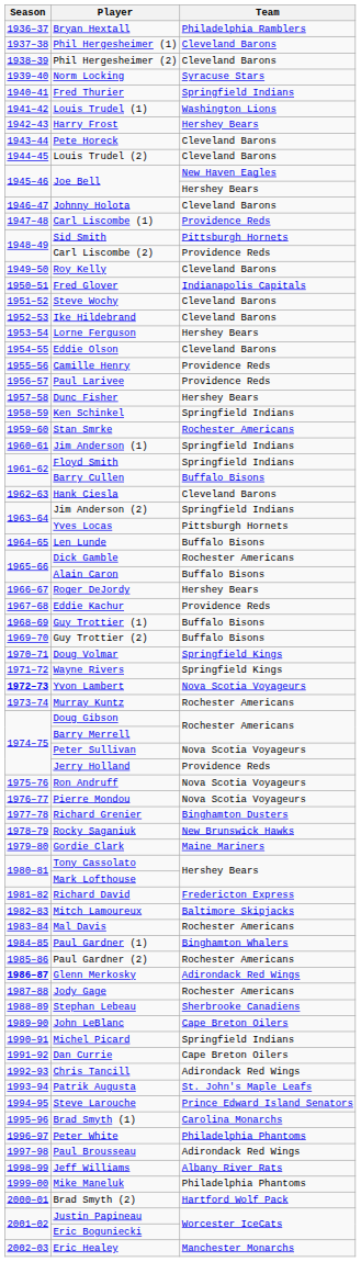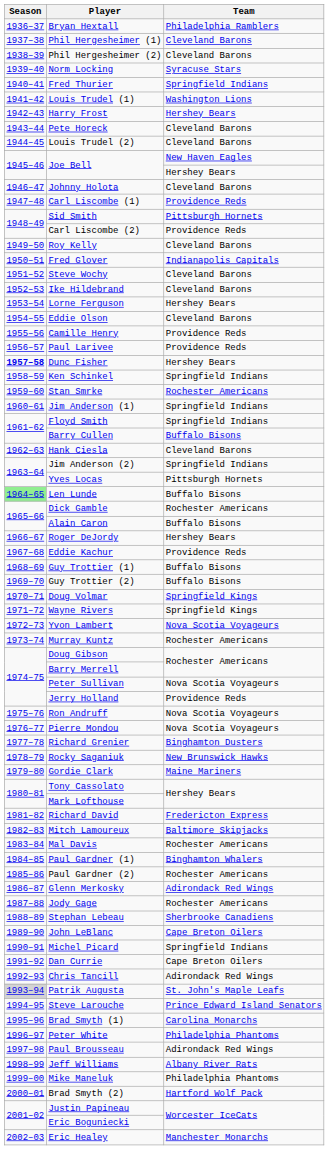 <table class="wikitable sortable">
 <tr>
 <th>Season</th>
 <th>Player</th>
 <th>Team</th>
 </tr>
 <tr>
 <td><a href='#'>1936–37</a></td>
 <td><a href='#'>Bryan Hextall</a></td>
 <td><a href='#'>Philadelphia Ramblers</a></td>
 </tr>
 <tr>
 <td><a href='#'>1937–38</a></td>
 <td><a href='#'>Phil Hergesheimer</a> (1)</td>
 <td><a href='#'>Cleveland Barons</a></td>
 </tr>
 <tr>
 <td><a href='#'>1938–39</a></td>
 <td>Phil Hergesheimer (2)</td>
 <td>Cleveland Barons</td>
 </tr>
 <tr>
 <td><a href='#'>1939–40</a></td>
 <td><a href='#'>Norm Locking</a></td>
 <td><a href='#'>Syracuse Stars</a></td>
 </tr>
 <tr>
 <td><a href='#'>1940–41</a></td>
 <td><a href='#'>Fred Thurier</a></td>
 <td><a href='#'>Springfield Indians</a></td>
 </tr>
 <tr>
 <td><a href='#'>1941–42</a></td>
 <td><a href='#'>Louis Trudel</a> (1)</td>
 <td><a href='#'>Washington Lions</a></td>
 </tr>
 <tr>
 <td><a href='#'>1942–43</a></td>
 <td><a href='#'>Harry Frost</a></td>
 <td><a href='#'>Hershey Bears</a></td>
 </tr>
 <tr>
 <td><a href='#'>1943–44</a></td>
 <td><a href='#'>Pete Horeck</a></td>
 <td>Cleveland Barons</td>
 </tr>
 <tr>
 <td><a href='#'>1944–45</a></td>
 <td>Louis Trudel (2)</td>
 <td>Cleveland Barons</td>
 </tr>
 <tr>
 <td rowspan=2><a href='#'>1945–46</a></td>
 <td rowspan=2><a href='#'>Joe Bell</a></td>
 <td><a href='#'>New Haven Eagles</a></td>
 </tr>
 <tr>
 <td>Hershey Bears</td>
 </tr>
 <tr>
 <td><a href='#'>1946–47</a></td>
 <td><a href='#'>Johnny Holota</a></td>
 <td>Cleveland Barons</td>
 </tr>
 <tr>
 <td><a href='#'>1947–48</a></td>
 <td><a href='#'>Carl Liscombe</a> (1)</td>
 <td><a href='#'>Providence Reds</a></td>
 </tr>
 <tr>
 <td rowspan=2><a href='#'>1948–49</a></td>
 <td><a href='#'>Sid Smith</a></td>
 <td><a href='#'>Pittsburgh Hornets</a></td>
 </tr>
 <tr>
 <td>Carl Liscombe (2)</td>
 <td>Providence Reds</td>
 </tr>
 <tr>
 <td><a href='#'>1949–50</a></td>
 <td><a href='#'>Roy Kelly</a></td>
 <td>Cleveland Barons</td>
 </tr>
 <tr>
 <td><a href='#'>1950–51</a></td>
 <td><a href='#'>Fred Glover</a></td>
 <td><a href='#'>Indianapolis Capitals</a></td>
 </tr>
 <tr>
 <td><a href='#'>1951–52</a></td>
 <td><a href='#'>Steve Wochy</a></td>
 <td>Cleveland Barons</td>
 </tr>
 <tr>
 <td><a href='#'>1952–53</a></td>
 <td><a href='#'>Ike Hildebrand</a></td>
 <td>Cleveland Barons</td>
 </tr>
 <tr>
 <td><a href='#'>1953–54</a></td>
 <td><a href='#'>Lorne Ferguson</a></td>
 <td>Hershey Bears</td>
 </tr>
 <tr>
 <td><a href='#'>1954–55</a></td>
 <td><a href='#'>Eddie Olson</a></td>
 <td>Cleveland Barons</td>
 </tr>
 <tr>
 <td><a href='#'>1955–56</a></td>
 <td><a href='#'>Camille Henry</a></td>
 <td>Providence Reds</td>
 </tr>
 <tr>
 <td><a href='#'>1956–57</a></td>
 <td><a href='#'>Paul Larivee</a></td>
 <td>Providence Reds</td>
 </tr>
 <tr>
-<td><a href='#'>1957–58</a></td>
+<td><strong><a href='#'>1957–58</a></strong></td>
 <td><a href='#'>Dunc Fisher</a></td>
 <td>Hershey Bears</td>
 </tr>
 <tr>
 <td><a href='#'>1958–59</a></td>
 <td><a href='#'>Ken Schinkel</a></td>
 <td>Springfield Indians</td>
 </tr>
 <tr>
 <td><a href='#'>1959–60</a></td>
 <td><a href='#'>Stan Smrke</a></td>
 <td><a href='#'>Rochester Americans</a></td>
 </tr>
 <tr>
 <td><a href='#'>1960–61</a></td>
 <td><a href='#'>Jim Anderson</a> (1)</td>
 <td>Springfield Indians</td>
 </tr>
 <tr>
 <td rowspan=2><a href='#'>1961–62</a></td>
 <td><a href='#'>Floyd Smith</a></td>
 <td>Springfield Indians</td>
 </tr>
 <tr>
 <td><a href='#'>Barry Cullen</a></td>
 <td><a href='#'>Buffalo Bisons</a></td>
 </tr>
 <tr>
 <td><a href='#'>1962–63</a></td>
 <td><a href='#'>Hank Ciesla</a></td>
 <td>Cleveland Barons</td>
 </tr>
 <tr>
 <td rowspan=2><a href='#'>1963–64</a></td>
 <td>Jim Anderson (2)</td>
 <td>Springfield Indians</td>
 </tr>
 <tr>
 <td><a href='#'>Yves Locas</a></td>
 <td>Pittsburgh Hornets</td>
 </tr>
 <tr>
-<td><a href='#'>1964–65</a></td>
+<td style="background: lightgreen;"><a href='#'>1964–65</a></td>
 <td><a href='#'>Len Lunde</a></td>
 <td>Buffalo Bisons</td>
 </tr>
 <tr>
 <td rowspan=2><a href='#'>1965–66</a></td>
 <td><a href='#'>Dick Gamble</a></td>
 <td>Rochester Americans</td>
 </tr>
 <tr>
 <td><a href='#'>Alain Caron</a></td>
 <td>Buffalo Bisons</td>
 </tr>
 <tr>
 <td><a href='#'>1966–67</a></td>
 <td><a href='#'>Roger DeJordy</a></td>
 <td>Hershey Bears</td>
 </tr>
 <tr>
 <td><a href='#'>1967–68</a></td>
 <td><a href='#'>Eddie Kachur</a></td>
 <td>Providence Reds</td>
 </tr>
 <tr>
 <td><a href='#'>1968–69</a></td>
 <td><a href='#'>Guy Trottier</a> (1)</td>
 <td>Buffalo Bisons</td>
 </tr>
 <tr>
 <td><a href='#'>1969–70</a></td>
 <td>Guy Trottier (2)</td>
 <td>Buffalo Bisons</td>
 </tr>
 <tr>
 <td><a href='#'>1970–71</a></td>
 <td><a href='#'>Doug Volmar</a></td>
 <td><a href='#'>Springfield Kings</a></td>
 </tr>
 <tr>
 <td><a href='#'>1971–72</a></td>
 <td><a href='#'>Wayne Rivers</a></td>
 <td>Springfield Kings</td>
 </tr>
 <tr>
-<td><strong><a href='#'>1972–73</a></strong></td>
+<td><a href='#'>1972–73</a></td>
 <td><a href='#'>Yvon Lambert</a></td>
 <td><a href='#'>Nova Scotia Voyageurs</a></td>
 </tr>
 <tr>
 <td><a href='#'>1973–74</a></td>
 <td><a href='#'>Murray Kuntz</a></td>
 <td>Rochester Americans</td>
 </tr>
 <tr>
 <td rowspan=4><a href='#'>1974–75</a></td>
 <td><a href='#'>Doug Gibson</a></td>
 <td rowspan=2>Rochester Americans</td>
 </tr>
 <tr>
 <td><a href='#'>Barry Merrell</a></td>
 </tr>
 <tr>
 <td><a href='#'>Peter Sullivan</a></td>
 <td>Nova Scotia Voyageurs</td>
 </tr>
 <tr>
 <td><a href='#'>Jerry Holland</a></td>
 <td>Providence Reds</td>
 </tr>
 <tr>
 <td><a href='#'>1975–76</a></td>
 <td><a href='#'>Ron Andruff</a></td>
 <td>Nova Scotia Voyageurs</td>
 </tr>
 <tr>
 <td><a href='#'>1976–77</a></td>
 <td><a href='#'>Pierre Mondou</a></td>
 <td>Nova Scotia Voyageurs</td>
 </tr>
 <tr>
 <td><a href='#'>1977–78</a></td>
 <td><a href='#'>Richard Grenier</a></td>
 <td><a href='#'>Binghamton Dusters</a></td>
 </tr>
 <tr>
 <td><a href='#'>1978–79</a></td>
 <td><a href='#'>Rocky Saganiuk</a></td>
 <td><a href='#'>New Brunswick Hawks</a></td>
 </tr>
 <tr>
 <td><a href='#'>1979–80</a></td>
 <td><a href='#'>Gordie Clark</a></td>
 <td><a href='#'>Maine Mariners</a></td>
 </tr>
 <tr>
 <td rowspan=2><a href='#'>1980–81</a></td>
 <td><a href='#'>Tony Cassolato</a></td>
 <td rowspan=2>Hershey Bears</td>
 </tr>
 <tr>
 <td><a href='#'>Mark Lofthouse</a></td>
 </tr>
 <tr>
 <td><a href='#'>1981–82</a></td>
 <td><a href='#'>Richard David</a></td>
 <td><a href='#'>Fredericton Express</a></td>
 </tr>
 <tr>
 <td><a href='#'>1982–83</a></td>
 <td><a href='#'>Mitch Lamoureux</a></td>
 <td><a href='#'>Baltimore Skipjacks</a></td>
 </tr>
 <tr>
 <td><a href='#'>1983–84</a></td>
 <td><a href='#'>Mal Davis</a></td>
 <td>Rochester Americans</td>
 </tr>
 <tr>
 <td><a href='#'>1984–85</a></td>
 <td><a href='#'>Paul Gardner</a> (1)</td>
 <td><a href='#'>Binghamton Whalers</a></td>
 </tr>
 <tr>
 <td><a href='#'>1985–86</a></td>
 <td>Paul Gardner (2)</td>
 <td>Rochester Americans</td>
 </tr>
 <tr>
-<td><strong><a href='#'>1986–87</a></strong></td>
+<td><a href='#'>1986–87</a></td>
 <td><a href='#'>Glenn Merkosky</a></td>
 <td><a href='#'>Adirondack Red Wings</a></td>
 </tr>
 <tr>
 <td><a href='#'>1987–88</a></td>
 <td><a href='#'>Jody Gage</a></td>
 <td>Rochester Americans</td>
 </tr>
 <tr>
 <td><a href='#'>1988–89</a></td>
 <td><a href='#'>Stephan Lebeau</a></td>
 <td><a href='#'>Sherbrooke Canadiens</a></td>
 </tr>
 <tr>
 <td><a href='#'>1989–90</a></td>
 <td><a href='#'>John LeBlanc</a></td>
 <td><a href='#'>Cape Breton Oilers</a></td>
 </tr>
 <tr>
 <td><a href='#'>1990–91</a></td>
 <td><a href='#'>Michel Picard</a></td>
 <td>Springfield Indians</td>
 </tr>
 <tr>
 <td><a href='#'>1991–92</a></td>
 <td><a href='#'>Dan Currie</a></td>
 <td>Cape Breton Oilers</td>
 </tr>
 <tr>
 <td><a href='#'>1992–93</a></td>
 <td><a href='#'>Chris Tancill</a></td>
 <td>Adirondack Red Wings</td>
 </tr>
 <tr>
-<td><a href='#'>1993–94</a></td>
+<td style="background: lightgrey;"><a href='#'>1993–94</a></td>
 <td><a href='#'>Patrik Augusta</a></td>
 <td><a href='#'>St. John's Maple Leafs</a></td>
 </tr>
 <tr>
 <td><a href='#'>1994–95</a></td>
 <td><a href='#'>Steve Larouche</a></td>
 <td><a href='#'>Prince Edward Island Senators</a></td>
 </tr>
 <tr>
 <td><a href='#'>1995–96</a></td>
 <td><a href='#'>Brad Smyth</a> (1)</td>
 <td><a href='#'>Carolina Monarchs</a></td>
 </tr>
 <tr>
 <td><a href='#'>1996–97</a></td>
 <td><a href='#'>Peter White</a></td>
 <td><a href='#'>Philadelphia Phantoms</a></td>
 </tr>
 <tr>
 <td><a href='#'>1997–98</a></td>
 <td><a href='#'>Paul Brousseau</a></td>
 <td>Adirondack Red Wings</td>
 </tr>
 <tr>
 <td><a href='#'>1998–99</a></td>
 <td><a href='#'>Jeff Williams</a></td>
 <td><a href='#'>Albany River Rats</a></td>
 </tr>
 <tr>
 <td><a href='#'>1999–00</a></td>
 <td><a href='#'>Mike Maneluk</a></td>
 <td>Philadelphia Phantoms</td>
 </tr>
 <tr>
 <td><a href='#'>2000–01</a></td>
 <td>Brad Smyth (2)</td>
 <td><a href='#'>Hartford Wolf Pack</a></td>
 </tr>
 <tr>
 <td rowspan=2><a href='#'>2001–02</a></td>
 <td><a href='#'>Justin Papineau</a></td>
 <td rowspan=2><a href='#'>Worcester IceCats</a></td>
 </tr>
 <tr>
 <td><a href='#'>Eric Boguniecki</a></td>
 </tr>
 <tr>
 <td><a href='#'>2002–03</a></td>
 <td><a href='#'>Eric Healey</a></td>
 <td><a href='#'>Manchester Monarchs</a></td>
 </tr>
 </table>
